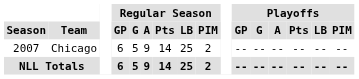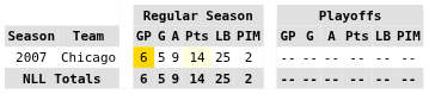 <table BORDER="0" CELLPADDING="3" CELLSPACING="0">
 <tr ALIGN="center" bgcolor="#e0e0e0">
 <th colspan="2" bgcolor="#ffffff"> </th>
 <th rowspan="99" bgcolor="#ffffff"> </th>
 <th colspan="6">Regular Season</th>
 <th rowspan="99" bgcolor="#ffffff"> </th>
 <th colspan="6">Playoffs</th>
 </tr>
 <tr ALIGN="center" bgcolor="#e0e0e0">
 <th>Season</th>
 <th>Team</th>
 <th>GP</th>
 <th>G</th>
 <th>A</th>
 <th>Pts</th>
 <th>LB</th>
 <th>PIM</th>
 <th>GP</th>
 <th>G</th>
 <th>A</th>
 <th>Pts</th>
 <th>LB</th>
 <th>PIM</th>
 </tr>
 <tr ALIGN="center">
 <td>2007</td>
 <td>Chicago</td>
-<td>6</td>
+<td style="background: gold;">6</td>
 <td>5</td>
 <td>9</td>
-<td>14</td>
+<td style="background: lightyellow;">14</td>
 <td>25</td>
 <td>2</td>
 <td>--</td>
 <td>--</td>
 <td>--</td>
 <td>--</td>
 <td>--</td>
 <td>--</td>
 <td></td>
 </tr>
 <tr ALIGN="center" bgcolor="#e0e0e0">
 <th colspan="2">NLL Totals</th>
 <th>6</th>
 <th>5</th>
 <th>9</th>
 <th>14</th>
 <th>25</th>
 <th>2</th>
 <th>--</th>
 <th>--</th>
 <th>--</th>
 <th>--</th>
 <th>--</th>
 <th>--</th>
 </tr>
 </table>
